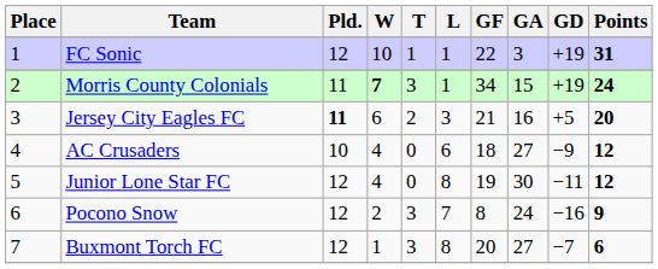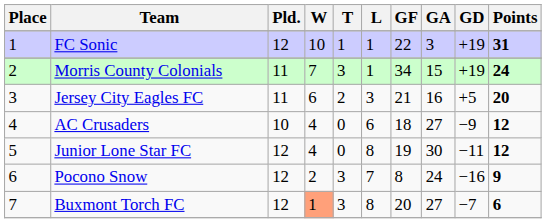 <table class="wikitable">
 <tr>
 <th>Place</th>
 <th width="200">Team</th>
 <th width="20">Pld.</th>
 <th width="20">W</th>
 <th width="20">T</th>
 <th width="20">L</th>
 <th width="20">GF</th>
 <th width="20">GA</th>
 <th width="25">GD</th>
 <th>Points</th>
 </tr>
 <tr>
 </tr>
 <tr bgcolor=#CCCCFF>
 <td>1</td>
 <td><a href='#'>FC Sonic</a></td>
 <td>12</td>
 <td>10</td>
 <td>1</td>
 <td>1</td>
 <td>22</td>
 <td>3</td>
 <td>+19</td>
 <td><strong>31</strong></td>
 </tr>
 <tr>
 </tr>
 <tr bgcolor=#CCFFCC>
 <td>2</td>
 <td><a href='#'>Morris County Colonials</a></td>
 <td>11</td>
-<td><strong>7</strong></td>
+<td>7</td>
 <td>3</td>
 <td>1</td>
 <td>34</td>
 <td>15</td>
 <td>+19</td>
 <td><strong>24</strong></td>
 </tr>
 <tr>
 <td>3</td>
 <td><a href='#'>Jersey City Eagles FC</a></td>
-<td><strong>11</strong></td>
+<td>11</td>
 <td>6</td>
 <td>2</td>
 <td>3</td>
 <td>21</td>
 <td>16</td>
 <td>+5</td>
 <td><strong>20</strong></td>
 </tr>
 <tr>
 <td>4</td>
 <td><a href='#'>AC Crusaders</a></td>
 <td>10</td>
 <td>4</td>
 <td>0</td>
 <td>6</td>
 <td>18</td>
 <td>27</td>
 <td>−9</td>
 <td><strong>12</strong></td>
 </tr>
 <tr>
 <td>5</td>
 <td><a href='#'>Junior Lone Star FC</a></td>
 <td>12</td>
 <td>4</td>
 <td>0</td>
 <td>8</td>
 <td>19</td>
 <td>30</td>
 <td>−11</td>
 <td><strong>12</strong></td>
 </tr>
 <tr>
 <td>6</td>
 <td><a href='#'>Pocono Snow</a></td>
 <td>12</td>
 <td>2</td>
 <td>3</td>
 <td>7</td>
 <td>8</td>
 <td>24</td>
 <td>−16</td>
 <td><strong>9</strong></td>
 </tr>
 <tr>
 <td>7</td>
 <td><a href='#'>Buxmont Torch FC</a></td>
 <td>12</td>
-<td>1</td>
+<td style="background: lightsalmon;">1</td>
 <td>3</td>
 <td>8</td>
 <td>20</td>
 <td>27</td>
 <td>−7</td>
 <td><strong>6</strong></td>
 </tr>
 <tr>
 </tr>
 </table>
